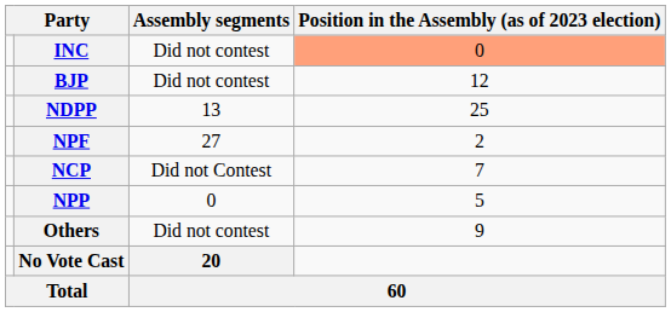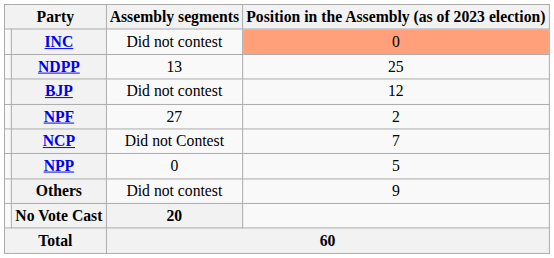 <table class="wikitable" style="text-align:center">
 <tr>
 <th colspan="2">Party</th>
 <th>Assembly segments</th>
 <th>Position in the Assembly (as of 2023 election)</th>
 </tr>
 <tr>
 <td></td>
 <th><a href='#'>INC</a></th>
 <td>Did not contest</td>
 <td style="background: lightsalmon;">0</td>
 </tr>
 <tr>
 <td></td>
+<th><a href='#'>NDPP</a></th>
+<td>13</td>
+<td>25</td>
+</tr>
+<tr>
+<td></td>
 <th><a href='#'>BJP</a></th>
 <td>Did not contest</td>
 <td>12</td>
-</tr>
-<tr>
-<td></td>
-<th><a href='#'>NDPP</a></th>
-<td>13</td>
-<td>25</td>
 </tr>
 <tr>
 <td></td>
 <th><a href='#'>NPF</a></th>
 <td>27</td>
 <td>2</td>
 </tr>
 <tr>
 <td></td>
 <th><a href='#'>NCP</a></th>
 <td>Did not Contest</td>
 <td>7</td>
 </tr>
 <tr>
 <td></td>
 <th><a href='#'>NPP</a></th>
 <td>0</td>
 <td>5</td>
 </tr>
 <tr>
 <td></td>
 <th>Others</th>
 <td>Did not contest</td>
 <td>9</td>
 </tr>
 <tr>
 <td></td>
 <th><strong>No Vote Cast</strong></th>
 <th colspan="1">20</th>
 <td></td>
 </tr>
 <tr>
 <th colspan="2">Total</th>
 <th colspan="2">60</th>
 </tr>
 </table>
